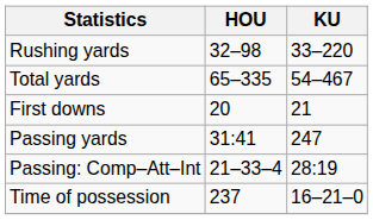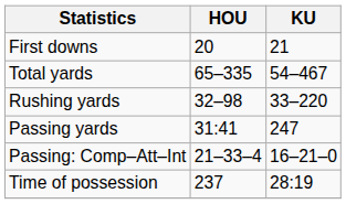 <table class="wikitable" style="float: left;">
 <tr>
 <th>Statistics</th>
 <th>HOU</th>
 <th>KU</th>
 </tr>
 <tr>
-<td>Rushing yards</td>
-<td>32–98</td>
-<td>33–220</td>
+<td>First downs</td>
+<td>20</td>
+<td>21</td>
 </tr>
 <tr>
 <td>Total yards</td>
 <td>65–335</td>
 <td>54–467</td>
 </tr>
 <tr>
-<td>First downs</td>
-<td>20</td>
-<td>21</td>
+<td>Rushing yards</td>
+<td>32–98</td>
+<td>33–220</td>
 </tr>
 <tr>
 <td>Passing yards</td>
 <td>31:41</td>
 <td>247</td>
 </tr>
 <tr>
 <td>Passing: Comp–Att–Int</td>
 <td>21–33–4</td>
-<td>28:19</td>
+<td>16–21–0</td>
 </tr>
 <tr>
 <td>Time of possession</td>
 <td>237</td>
-<td>16–21–0</td>
+<td>28:19</td>
 </tr>
 <tr>
 </tr>
 </table>
